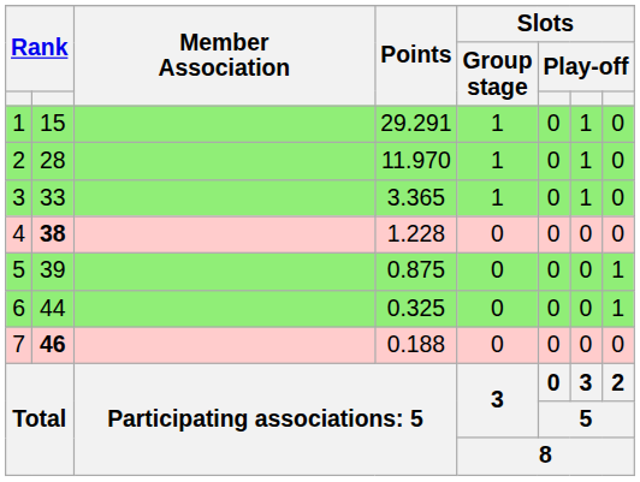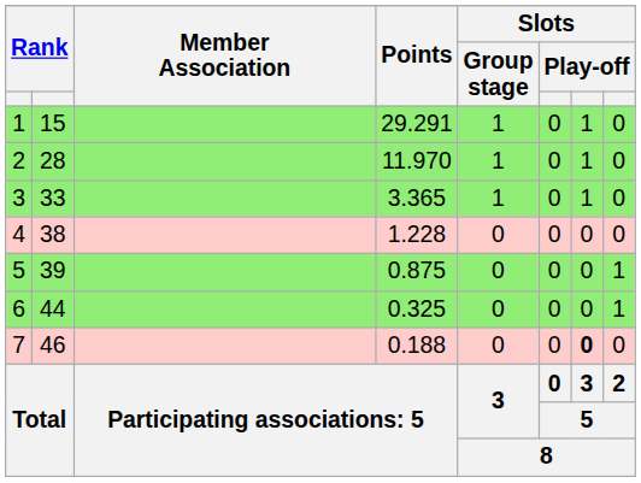 <table class="wikitable" style="text-align:center">
 <tr>
 </tr>
 <tr>
 <th colspan=2 rowspan=2><a href='#'>Rank</a></th>
 <th rowspan=3 width=200>Member<br>Association</th>
 <th rowspan=3>Points</th>
 <th colspan=4>Slots</th>
 </tr>
 <tr>
 <th rowspan=2>Group<br>stage</th>
 <th colspan=3>Play-off</th>
 </tr>
 <tr>
 <th></th>
 <th></th>
 <th></th>
 <th></th>
 <th></th>
 </tr>
 <tr bgcolor=#90ee77>
 <td>1</td>
 <td>15</td>
 <td align=left></td>
 <td>29.291</td>
 <td>1</td>
 <td>0</td>
 <td>1</td>
 <td>0</td>
 </tr>
 <tr bgcolor=#90ee77>
 <td>2</td>
 <td>28</td>
 <td align=left></td>
 <td>11.970</td>
 <td>1</td>
 <td>0</td>
 <td>1</td>
 <td>0</td>
 </tr>
 <tr bgcolor=#90ee77>
 <td>3</td>
 <td>33</td>
 <td align=left></td>
 <td>3.365</td>
 <td>1</td>
 <td>0</td>
 <td>1</td>
 <td>0</td>
 </tr>
 <tr bgcolor=#ffcccc>
 <td>4</td>
-<td><strong>38</strong></td>
+<td>38</td>
 <td align=left></td>
 <td>1.228</td>
 <td>0</td>
 <td>0</td>
 <td>0</td>
 <td>0</td>
 </tr>
 <tr bgcolor=#90ee77>
 <td>5</td>
 <td>39</td>
 <td align=left></td>
 <td>0.875</td>
 <td>0</td>
 <td>0</td>
 <td>0</td>
 <td>1</td>
 </tr>
 <tr bgcolor=#90ee77>
 <td>6</td>
 <td>44</td>
 <td align=left></td>
 <td>0.325</td>
 <td>0</td>
 <td>0</td>
 <td>0</td>
 <td>1</td>
 </tr>
 <tr bgcolor=#ffcccc>
 <td>7</td>
-<td><strong>46</strong></td>
+<td>46</td>
 <td align=left></td>
 <td>0.188</td>
 <td>0</td>
 <td>0</td>
-<td>0</td>
+<td><strong>0</strong></td>
 <td>0</td>
 </tr>
 <tr>
 <th colspan=2 rowspan=3>Total</th>
 <th colspan=2 rowspan=3>Participating associations: 5</th>
 <th rowspan=2>3</th>
 <th>0</th>
 <th>3</th>
 <th>2</th>
 </tr>
 <tr>
 <th colspan=3>5</th>
 </tr>
 <tr>
 <th colspan=4>8</th>
 </tr>
 </table>
